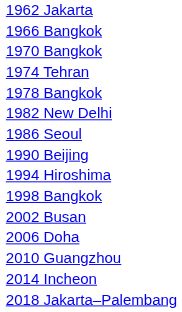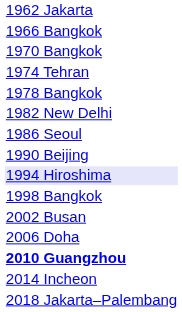 <table>
 <tr>
 <td><a href='#'>1962 Jakarta</a></td>
 <td></td>
 <td></td>
 <td></td>
 </tr>
 <tr>
 <td><a href='#'>1966 Bangkok</a></td>
 <td></td>
 <td></td>
 <td></td>
 </tr>
 <tr>
 <td><a href='#'>1970 Bangkok</a></td>
 <td></td>
 <td></td>
 <td></td>
 </tr>
 <tr>
 <td><a href='#'>1974 Tehran</a></td>
 <td></td>
 <td></td>
 <td></td>
 </tr>
 <tr>
 <td><a href='#'>1978 Bangkok</a></td>
 <td></td>
 <td></td>
 <td></td>
 </tr>
 <tr>
 <td><a href='#'>1982 New Delhi</a></td>
 <td></td>
 <td></td>
 <td></td>
 </tr>
 <tr>
 <td><a href='#'>1986 Seoul</a></td>
 <td></td>
 <td></td>
 <td></td>
 </tr>
 <tr>
 <td><a href='#'>1990 Beijing</a></td>
 <td></td>
 <td></td>
 <td></td>
 </tr>
 <tr>
-<td><a href='#'>1994 Hiroshima</a></td>
+<td style="background: lavender;"><a href='#'>1994 Hiroshima</a></td>
 <td></td>
 <td></td>
 <td></td>
 </tr>
 <tr>
 <td><a href='#'>1998 Bangkok</a></td>
 <td></td>
 <td></td>
 <td></td>
 </tr>
 <tr>
 <td><a href='#'>2002 Busan</a></td>
 <td></td>
 <td></td>
 <td></td>
 </tr>
 <tr>
 <td><a href='#'>2006 Doha</a></td>
 <td></td>
 <td></td>
 <td></td>
 </tr>
 <tr>
-<td><a href='#'>2010 Guangzhou</a></td>
+<td><strong><a href='#'>2010 Guangzhou</a></strong></td>
 <td></td>
 <td></td>
 <td></td>
 </tr>
 <tr>
 <td><a href='#'>2014 Incheon</a></td>
 <td></td>
 <td></td>
 <td></td>
 </tr>
 <tr>
 <td><a href='#'>2018 Jakarta–Palembang</a></td>
 <td></td>
 <td></td>
 <td></td>
 </tr>
 </table>
